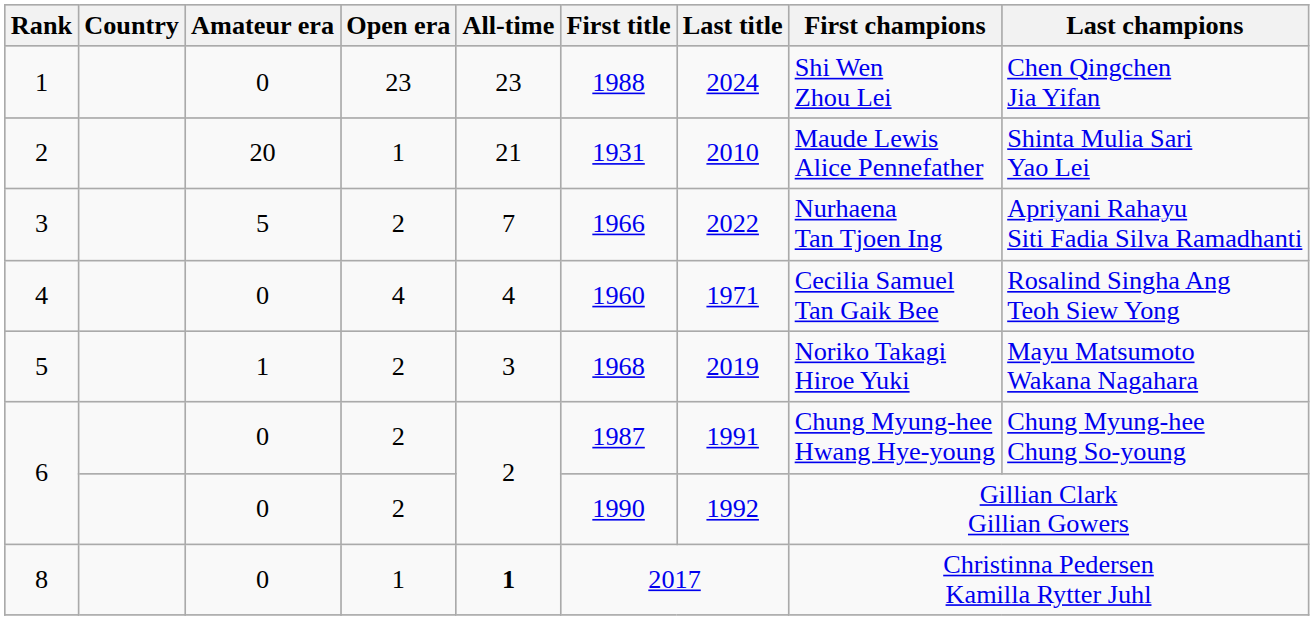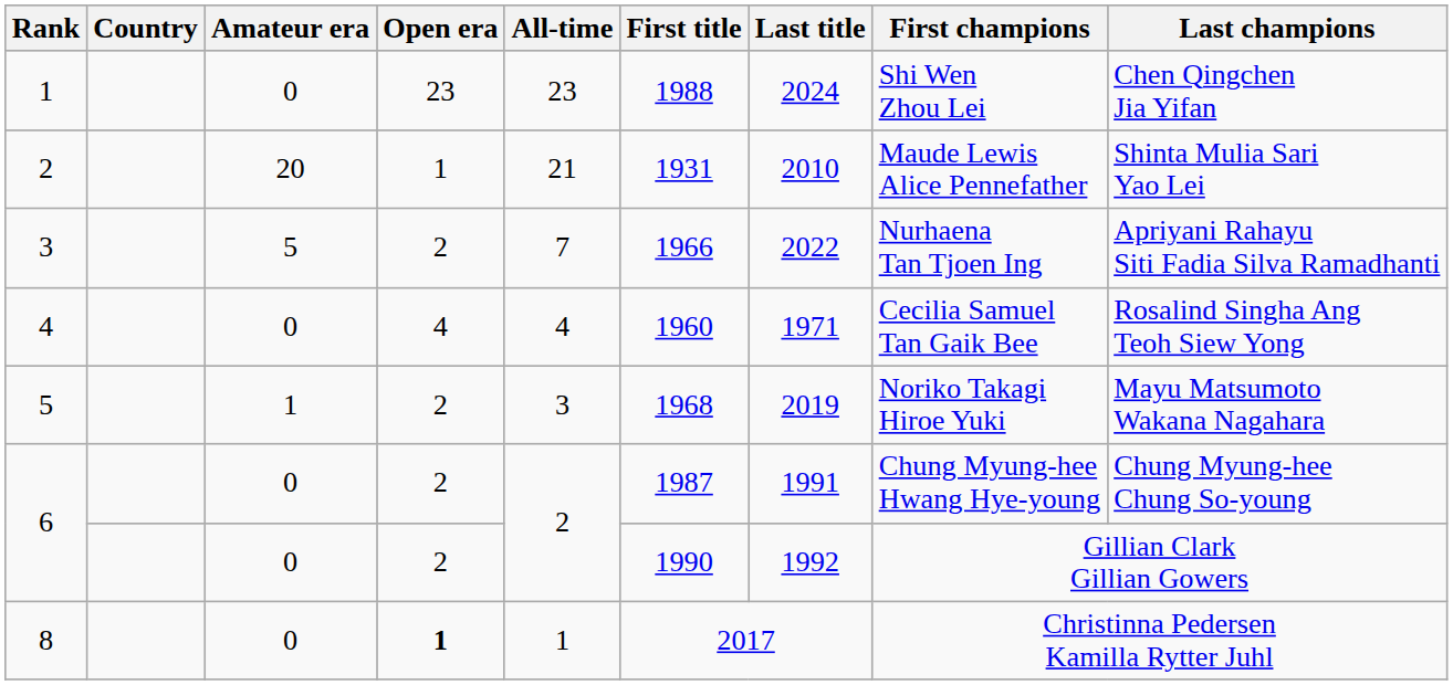 <table class="wikitable sortable">
 <tr>
 <th>Rank</th>
 <th>Country</th>
 <th>Amateur era</th>
 <th>Open era</th>
 <th>All-time</th>
 <th>First title</th>
 <th>Last title</th>
 <th>First champions</th>
 <th>Last champions</th>
 </tr>
 <tr>
 <td align=center>1</td>
 <td></td>
 <td align=center>0</td>
 <td align=center>23</td>
 <td align=center>23</td>
 <td align=center><a href='#'>1988</a></td>
 <td align=center><a href='#'>2024</a></td>
 <td><a href='#'>Shi Wen</a><br><a href='#'>Zhou Lei</a></td>
 <td><a href='#'>Chen Qingchen</a><br><a href='#'>Jia Yifan</a></td>
 </tr>
 <tr>
 <td align=center>2</td>
 <td></td>
 <td align=center>20</td>
 <td align=center>1</td>
 <td align=center>21</td>
 <td align=center><a href='#'>1931</a></td>
 <td align=center><a href='#'>2010</a></td>
 <td><a href='#'>Maude Lewis</a><br><a href='#'>Alice Pennefather</a></td>
 <td><a href='#'>Shinta Mulia Sari</a><br><a href='#'>Yao Lei</a></td>
 </tr>
 <tr>
 <td align=center>3</td>
 <td></td>
 <td align=center>5</td>
 <td align=center>2</td>
 <td align=center>7</td>
 <td align=center><a href='#'>1966</a></td>
 <td align=center><a href='#'>2022</a></td>
 <td><a href='#'>Nurhaena</a><br><a href='#'>Tan Tjoen Ing</a></td>
 <td><a href='#'>Apriyani Rahayu</a><br><a href='#'>Siti Fadia Silva Ramadhanti</a></td>
 </tr>
 <tr>
 <td align=center>4</td>
 <td></td>
 <td align=center>0</td>
 <td align=center>4</td>
 <td align=center>4</td>
 <td align=center><a href='#'>1960</a></td>
 <td align=center><a href='#'>1971</a></td>
 <td><a href='#'>Cecilia Samuel</a><br><a href='#'>Tan Gaik Bee</a></td>
 <td><a href='#'>Rosalind Singha Ang</a><br><a href='#'>Teoh Siew Yong</a></td>
 </tr>
 <tr>
 <td align=center>5</td>
 <td></td>
 <td align=center>1</td>
 <td align=center>2</td>
 <td align=center>3</td>
 <td align=center><a href='#'>1968</a></td>
 <td align=center><a href='#'>2019</a></td>
 <td><a href='#'>Noriko Takagi</a><br><a href='#'>Hiroe Yuki</a></td>
 <td><a href='#'>Mayu Matsumoto</a><br><a href='#'>Wakana Nagahara</a></td>
 </tr>
 <tr>
 <td rowspan="2" align=center>6</td>
 <td></td>
 <td align=center>0</td>
 <td align=center>2</td>
 <td rowspan="2" align=center>2</td>
 <td align=center><a href='#'>1987</a></td>
 <td align=center><a href='#'>1991</a></td>
 <td><a href='#'>Chung Myung-hee</a><br><a href='#'>Hwang Hye-young</a></td>
 <td><a href='#'>Chung Myung-hee</a><br><a href='#'>Chung So-young</a></td>
 </tr>
 <tr>
 <td></td>
 <td align=center>0</td>
 <td align=center>2</td>
 <td align=center><a href='#'>1990</a></td>
 <td align=center><a href='#'>1992</a></td>
 <td colspan="2" align=center><a href='#'>Gillian Clark</a><br><a href='#'>Gillian Gowers</a></td>
 </tr>
 <tr>
 <td align=center>8</td>
 <td></td>
 <td align=center>0</td>
+<td align=center><strong>1</strong></td>
 <td align=center>1</td>
-<td align=center><strong>1</strong></td>
 <td colspan="2" align=center><a href='#'>2017</a></td>
 <td colspan="2" align=center><a href='#'>Christinna Pedersen</a><br><a href='#'>Kamilla Rytter Juhl</a></td>
 </tr>
 </table>
